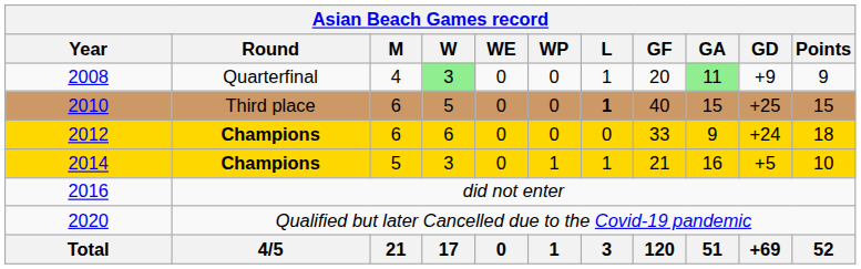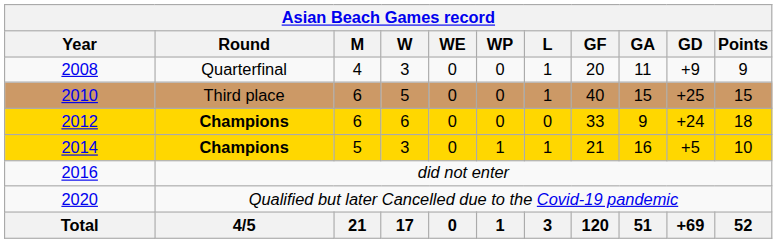 <table class="wikitable" style="text-align: center;font-size:90%;">
 <tr>
 <th colspan=11><a href='#'>Asian Beach Games record</a></th>
 </tr>
 <tr>
 <th width=125>Year</th>
 <th width=150>Round</th>
 <th width=35>M</th>
 <th width=35>W</th>
 <th width=35>WE</th>
 <th width=35>WP</th>
 <th width=35>L</th>
 <th width=35>GF</th>
 <th width=35>GA</th>
 <th width=35>GD</th>
 <th width=35>Points</th>
 </tr>
 <tr>
 <td> <a href='#'>2008</a></td>
 <td>Quarterfinal</td>
 <td>4</td>
-<td style="background: lightgreen;">3</td>
+<td>3</td>
 <td>0</td>
 <td>0</td>
 <td>1</td>
 <td>20</td>
-<td style="background: lightgreen;">11</td>
+<td>11</td>
 <td>+9</td>
 <td>9</td>
 </tr>
 <tr bgcolor="#cc9966">
 <td> <a href='#'>2010</a></td>
 <td>Third place</td>
 <td>6</td>
 <td>5</td>
 <td>0</td>
 <td>0</td>
-<td><strong>1</strong></td>
+<td>1</td>
 <td>40</td>
 <td>15</td>
 <td>+25</td>
 <td>15</td>
 </tr>
 <tr bgcolor=gold>
 <td> <a href='#'>2012</a></td>
 <td><strong>Champions</strong></td>
 <td>6</td>
 <td>6</td>
 <td>0</td>
 <td>0</td>
 <td>0</td>
 <td>33</td>
 <td>9</td>
 <td>+24</td>
 <td>18</td>
 </tr>
 <tr bgcolor=gold>
 <td> <a href='#'>2014</a></td>
 <td><strong>Champions</strong></td>
 <td>5</td>
 <td>3</td>
 <td>0</td>
 <td>1</td>
 <td>1</td>
 <td>21</td>
 <td>16</td>
 <td>+5</td>
 <td>10</td>
 </tr>
 <tr>
 <td> <a href='#'>2016</a></td>
 <td colspan=10><em>did not enter</em></td>
 </tr>
 <tr>
 <td> <a href='#'>2020</a></td>
 <td colspan=10><em>Qualified but later Cancelled due to the <a href='#'>Covid-19 pandemic</a></em></td>
 </tr>
 <tr>
 <th>Total</th>
 <th>4/5</th>
 <th>21</th>
 <th>17</th>
 <th>0</th>
 <th>1</th>
 <th>3</th>
 <th>120</th>
 <th>51</th>
 <th>+69</th>
 <th>52</th>
 </tr>
 </table>
